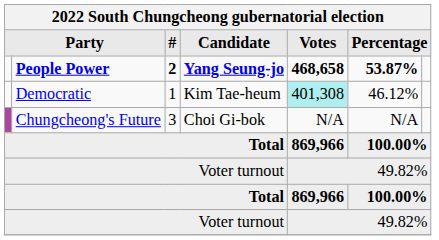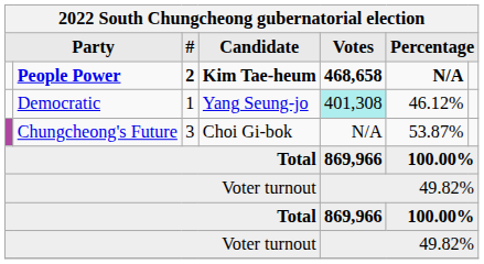 <table class="wikitable">
 <tr>
 <th colspan="7">2022 South Chungcheong gubernatorial election</th>
 </tr>
 <tr>
 <th style="background-color:#E9E9E9" colspan=2>Party</th>
 <th style="background-color:#E9E9E9">#</th>
 <th style="background-color:#E9E9E9">Candidate</th>
 <th style="background-color:#E9E9E9">Votes</th>
 <th style="background-color:#E9E9E9" colspan=2>Percentage</th>
 </tr>
 <tr style="font-weight:bold">
 <td></td>
 <td align=left><a href='#'>People Power</a></td>
 <td align=center>2</td>
-<td align=left><a href='#'>Yang Seung-jo</a></td>
+<td align=left>Kim Tae-heum</td>
 <td align=right>468,658</td>
-<td align=right>53.87%</td>
+<td align=right>N/A</td>
 <td align=right></td>
 </tr>
 <tr>
 <td></td>
 <td align=left><a href='#'>Democratic</a></td>
 <td align=center>1</td>
-<td align=left>Kim Tae-heum</td>
+<td align=left><a href='#'>Yang Seung-jo</a></td>
 <td align=right style="background: paleturquoise;">401,308</td>
 <td align=right>46.12%</td>
 <td align=right></td>
 </tr>
 <tr>
 <td bgcolor="#AD469F"></td>
 <td align=left><a href='#'>Chungcheong's Future</a></td>
 <td align=center>3</td>
 <td align=left>Choi Gi-bok </td>
 <td align=right>N/A</td>
-<td align=right>N/A</td>
+<td align=right>53.87%</td>
 <td align=right></td>
 </tr>
 <tr bgcolor="#EEEEEE" style="font-weight:bold">
 <td colspan="4" align=right>Total</td>
 <td align=right>869,966</td>
 <td align=right colspan=2>100.00%</td>
 </tr>
 <tr bgcolor="#EEEEEE">
 <td colspan="4" align="right">Voter turnout</td>
 <td colspan="3" align="right">49.82%</td>
 </tr>
 <tr bgcolor="#EEEEEE" style="font-weight:bold">
 <td colspan="4" align=right>Total</td>
 <td align=right>869,966</td>
 <td align=right colspan=2>100.00%</td>
 </tr>
 <tr bgcolor="#EEEEEE">
 <td colspan="4" align="right">Voter turnout</td>
 <td colspan="3" align="right">49.82%</td>
 </tr>
 <tr>
 </tr>
 </table>
